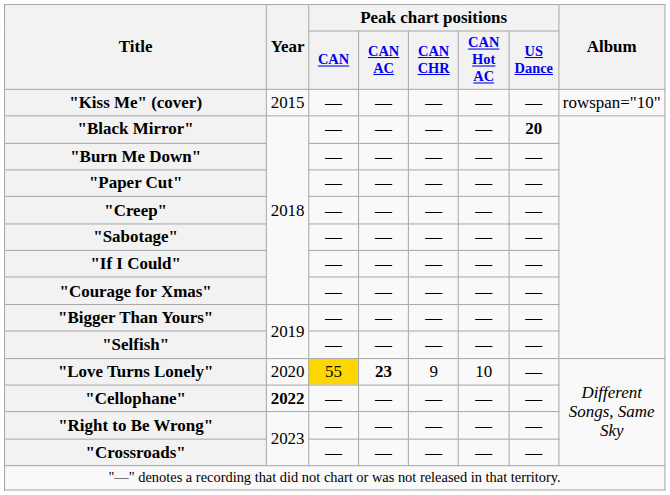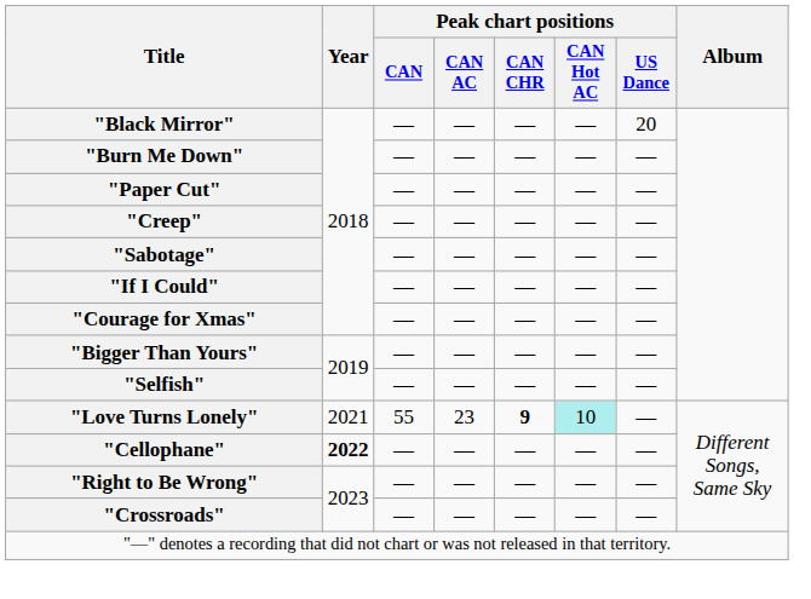 <table class="wikitable plainrowheaders" border="1" style="text-align:center;">
 <tr>
 <th scope="col" rowspan="2" style="width:15em;">Title</th>
 <th scope="col" rowspan="2" style="width:2em;">Year</th>
 <th colspan="5">Peak chart positions</th>
 <th scope="col" rowspan="2" style="width:5em;">Album</th>
 </tr>
 <tr>
 <th scope="col" style="width:3em;font-size:85%;"><a href='#'>CAN</a><br></th>
 <th scope="col" style="width:3em;font-size:85%;"><a href='#'>CAN<br>AC</a><br></th>
 <th scope="col" style="width:3em;font-size:85%;"><a href='#'>CAN<br>CHR</a><br></th>
 <th scope="col" style="width:3em;font-size:85%;"><a href='#'>CAN<br>Hot AC</a><br></th>
 <th scope="col" style="width:3em;font-size:85%;"><a href='#'>US Dance</a><br></th>
 </tr>
 <tr>
-<th scope="row">"Kiss Me" (cover)</th>
-<td>2015</td>
-<td>—</td>
-<td>—</td>
-<td>—</td>
-<td>—</td>
-<td>—</td>
-<td>rowspan="10" </td>
-</tr>
-<tr>
 <th scope="row">"Black Mirror"</th>
 <td rowspan="7">2018</td>
 <td>—</td>
 <td>—</td>
 <td>—</td>
 <td>—</td>
-<td><strong>20</strong></td>
+<td>20</td>
 </tr>
 <tr>
 <th scope="row">"Burn Me Down"</th>
 <td>—</td>
 <td>—</td>
 <td>—</td>
 <td>—</td>
 <td>—</td>
 </tr>
 <tr>
 <th scope="row">"Paper Cut"</th>
 <td>—</td>
 <td>—</td>
 <td>—</td>
 <td>—</td>
 <td>—</td>
 </tr>
 <tr>
 <th scope="row">"Creep"</th>
 <td>—</td>
 <td>—</td>
 <td>—</td>
 <td>—</td>
 <td>—</td>
 </tr>
 <tr>
 <th scope="row">"Sabotage"</th>
 <td>—</td>
 <td>—</td>
 <td>—</td>
 <td>—</td>
 <td>—</td>
 </tr>
 <tr>
 <th scope="row">"If I Could"</th>
 <td>—</td>
 <td>—</td>
 <td>—</td>
 <td>—</td>
 <td>—</td>
 </tr>
 <tr>
 <th scope="row">"Courage for Xmas"</th>
 <td>—</td>
 <td>—</td>
 <td>—</td>
 <td>—</td>
 <td>—</td>
 </tr>
 <tr>
 <th scope="row">"Bigger Than Yours"</th>
 <td rowspan="2">2019</td>
 <td>—</td>
 <td>—</td>
 <td>—</td>
 <td>—</td>
 <td>—</td>
 </tr>
 <tr>
 <th scope="row">"Selfish"</th>
 <td>—</td>
 <td>—</td>
 <td>—</td>
 <td>—</td>
 <td>—</td>
 </tr>
 <tr>
 <th scope="row">"Love Turns Lonely"</th>
-<td>2020</td>
-<td style="background: gold;">55</td>
-<td><strong>23</strong></td>
-<td>9</td>
-<td>10</td>
+<td>2021</td>
+<td>55</td>
+<td>23</td>
+<td><strong>9</strong></td>
+<td style="background: paleturquoise;">10</td>
 <td>—</td>
 <td rowspan="4"><em>Different Songs, Same Sky</em></td>
 </tr>
 <tr>
 <th scope="row">"Cellophane"</th>
 <td><strong>2022</strong></td>
 <td>—</td>
 <td>—</td>
 <td>—</td>
 <td>—</td>
 <td>—</td>
 </tr>
 <tr>
 <th scope="row">"Right to Be Wrong"</th>
 <td rowspan="2">2023</td>
 <td>—</td>
 <td>—</td>
 <td>—</td>
 <td>—</td>
 <td>—</td>
 </tr>
 <tr>
 <th scope="row">"Crossroads"</th>
 <td>—</td>
 <td>—</td>
 <td>—</td>
 <td>—</td>
 <td>—</td>
 </tr>
 <tr>
 <td colspan="8" style="font-size:85%">"—" denotes a recording that did not chart or was not released in that territory.</td>
 </tr>
 </table>
